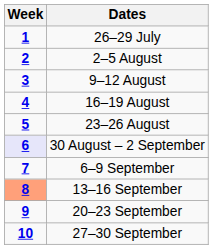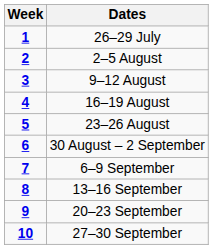 <table class="wikitable" style="text-align:center">
 <tr>
 <th>Week</th>
 <th>Dates</th>
 </tr>
 <tr>
 <td><strong><a href='#'>1</a></strong></td>
 <td>26–29 July</td>
 </tr>
 <tr>
 <td><strong><a href='#'>2</a></strong></td>
 <td>2–5 August</td>
 </tr>
 <tr>
 <td><strong><a href='#'>3</a></strong></td>
 <td>9–12 August</td>
 </tr>
 <tr>
 <td><strong><a href='#'>4</a></strong></td>
 <td>16–19 August</td>
 </tr>
 <tr>
 <td><strong><a href='#'>5</a></strong></td>
 <td>23–26 August</td>
 </tr>
 <tr>
-<td style="background: lavender;"><strong><a href='#'>6</a></strong></td>
+<td><strong><a href='#'>6</a></strong></td>
 <td>30 August – 2 September</td>
 </tr>
 <tr>
 <td><strong><a href='#'>7</a></strong></td>
 <td>6–9 September</td>
 </tr>
 <tr>
-<td style="background: lightsalmon;"><strong><a href='#'>8</a></strong></td>
+<td><strong><a href='#'>8</a></strong></td>
 <td>13–16 September</td>
 </tr>
 <tr>
 <td><strong><a href='#'>9</a></strong></td>
 <td>20–23 September</td>
 </tr>
 <tr>
 <td><strong><a href='#'>10</a></strong></td>
 <td>27–30 September</td>
 </tr>
 </table>
